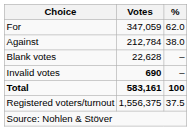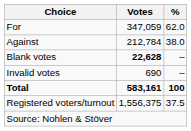 <table class=wikitable style=text-align:right>
 <tr>
 <th>Choice</th>
 <th>Votes</th>
 <th>%</th>
 </tr>
 <tr>
 <td align=left>For</td>
 <td>347,059</td>
 <td>62.0</td>
 </tr>
 <tr>
 <td align=left>Against</td>
 <td>212,784</td>
 <td>38.0</td>
 </tr>
 <tr>
 <td align=left>Blank votes</td>
-<td>22,628</td>
+<td><strong>22,628</strong></td>
 <td>–</td>
 </tr>
 <tr>
 <td align=left>Invalid votes</td>
-<td><strong>690</strong></td>
+<td>690</td>
 <td>–</td>
 </tr>
 <tr>
 <td align=left><strong>Total</strong></td>
 <td><strong>583,161</strong></td>
 <td><strong>100</strong></td>
 </tr>
 <tr>
 <td align=left>Registered voters/turnout</td>
 <td>1,556,375</td>
 <td>37.5</td>
 </tr>
 <tr>
 <td align=left colspan=3>Source: Nohlen & Stöver</td>
 </tr>
 </table>
